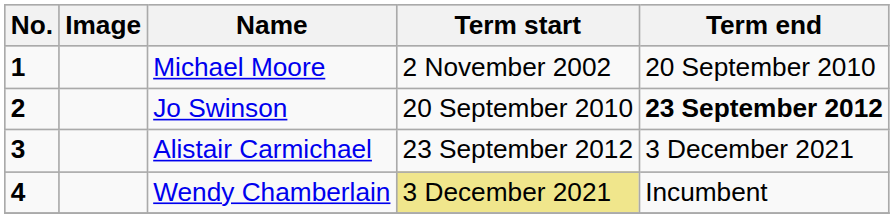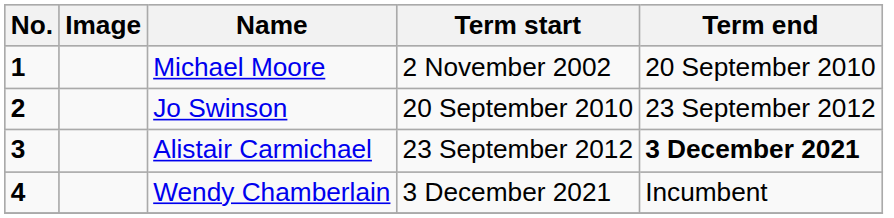 <table class="wikitable">
 <tr>
 <th>No.</th>
 <th>Image</th>
 <th>Name</th>
 <th>Term start</th>
 <th>Term end</th>
 </tr>
 <tr>
 <td><strong>1</strong></td>
 <td></td>
 <td><a href='#'>Michael Moore</a></td>
 <td>2 November 2002</td>
 <td>20 September 2010</td>
 </tr>
 <tr>
 <td><strong>2</strong></td>
 <td></td>
 <td><a href='#'>Jo Swinson</a></td>
 <td>20 September 2010</td>
-<td><strong>23 September 2012</strong></td>
+<td>23 September 2012</td>
 </tr>
 <tr>
 <td><strong>3</strong></td>
 <td></td>
 <td><a href='#'>Alistair Carmichael</a></td>
 <td>23 September 2012</td>
-<td>3 December 2021</td>
+<td><strong>3 December 2021</strong></td>
 </tr>
 <tr>
 <td><strong>4</strong></td>
 <td></td>
 <td><a href='#'>Wendy Chamberlain</a></td>
-<td style="background: khaki;">3 December 2021</td>
+<td>3 December 2021</td>
 <td>Incumbent</td>
 </tr>
 <tr>
 </tr>
 </table>
